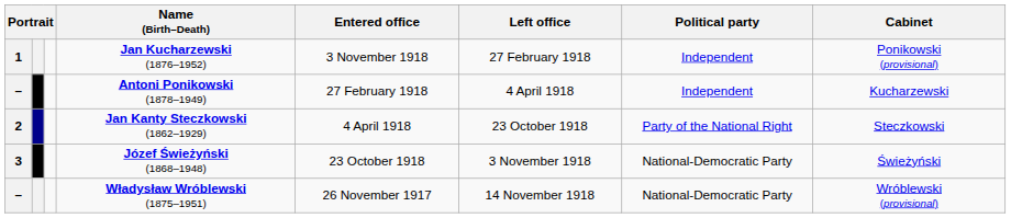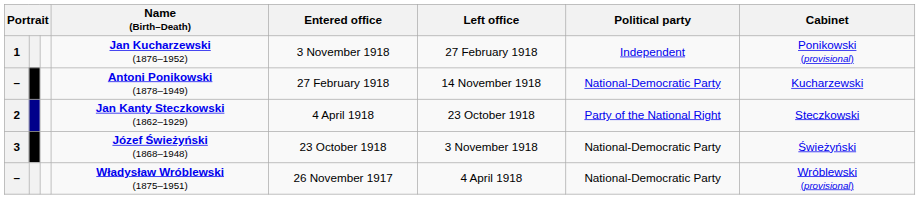 <table class="wikitable" style="text-align:center">
 <tr>
 <th colspan="3">Portrait</th>
 <th width=25%>Name<br><small>(Birth–Death)</small></th>
 <th width=17%>Entered office</th>
 <th width=17%>Left office</th>
 <th width=20%>Political party</th>
 <th width=20%>Cabinet</th>
 </tr>
 <tr>
 <th>1</th>
 <th style="background:"></th>
 <td></td>
 <td><strong><a href='#'>Jan Kucharzewski</a></strong><br><small>(1876–1952)</small></td>
 <td>3 November 1918</td>
 <td>27 February 1918</td>
 <td><a href='#'>Independent</a></td>
 <td><a href='#'>Ponikowski<br><small>(<em>provisional</em>)</small></a></td>
 </tr>
 <tr>
 <th>–</th>
 <th style="background:black"></th>
 <td></td>
 <td><strong><a href='#'>Antoni Ponikowski</a></strong><br><small>(1878–1949)</small></td>
 <td>27 February 1918</td>
-<td>4 April 1918</td>
-<td><a href='#'>Independent</a></td>
+<td>14 November 1918</td>
+<td><a href='#'>National-Democratic Party</a></td>
 <td><a href='#'>Kucharzewski</a></td>
 </tr>
 <tr>
 <th>2</th>
 <th style="background:darkblue"></th>
 <td></td>
 <td><strong><a href='#'>Jan Kanty Steczkowski</a></strong><br><small>(1862–1929)</small></td>
 <td>4 April 1918</td>
 <td>23 October 1918</td>
 <td><a href='#'>Party of the National Right</a></td>
 <td><a href='#'>Steczkowski</a></td>
 </tr>
 <tr>
 <th>3</th>
 <th style="background:black"></th>
 <td></td>
 <td><strong><a href='#'>Józef Świeżyński</a></strong><br><small>(1868–1948)</small></td>
 <td>23 October 1918</td>
 <td>3 November 1918</td>
 <td>National-Democratic Party</td>
 <td><a href='#'>Świeżyński</a></td>
 </tr>
 <tr>
 <th>–</th>
 <th style="background:"></th>
 <td></td>
 <td><strong><a href='#'>Władysław Wróblewski</a></strong><br><small>(1875–1951)</small></td>
 <td>26 November 1917</td>
-<td>14 November 1918</td>
+<td>4 April 1918</td>
 <td>National-Democratic Party</td>
 <td><a href='#'>Wróblewski<br><small>(<em>provisional</em>)</small></a></td>
 </tr>
 </table>
